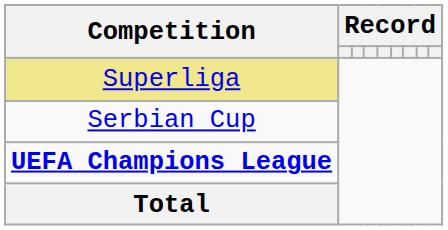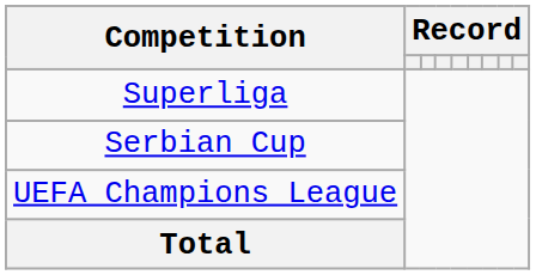 <table class="wikitable" style="text-align: center">
 <tr>
 <th rowspan=2>Competition</th>
 <th colspan=8>Record</th>
 </tr>
 <tr>
 <th></th>
 <th></th>
 <th></th>
 <th></th>
 <th></th>
 <th></th>
 <th></th>
 <th></th>
 </tr>
 <tr>
-<td style="background: khaki;"><a href='#'>Superliga</a><br></td>
+<td><a href='#'>Superliga</a><br></td>
 </tr>
 <tr>
 <td><a href='#'>Serbian Cup</a><br></td>
 </tr>
 <tr>
-<td><strong><a href='#'>UEFA Champions League</a><br></strong></td>
+<td><a href='#'>UEFA Champions League</a><br></td>
 </tr>
 <tr>
 <th>Total<br></th>
 </tr>
 </table>
